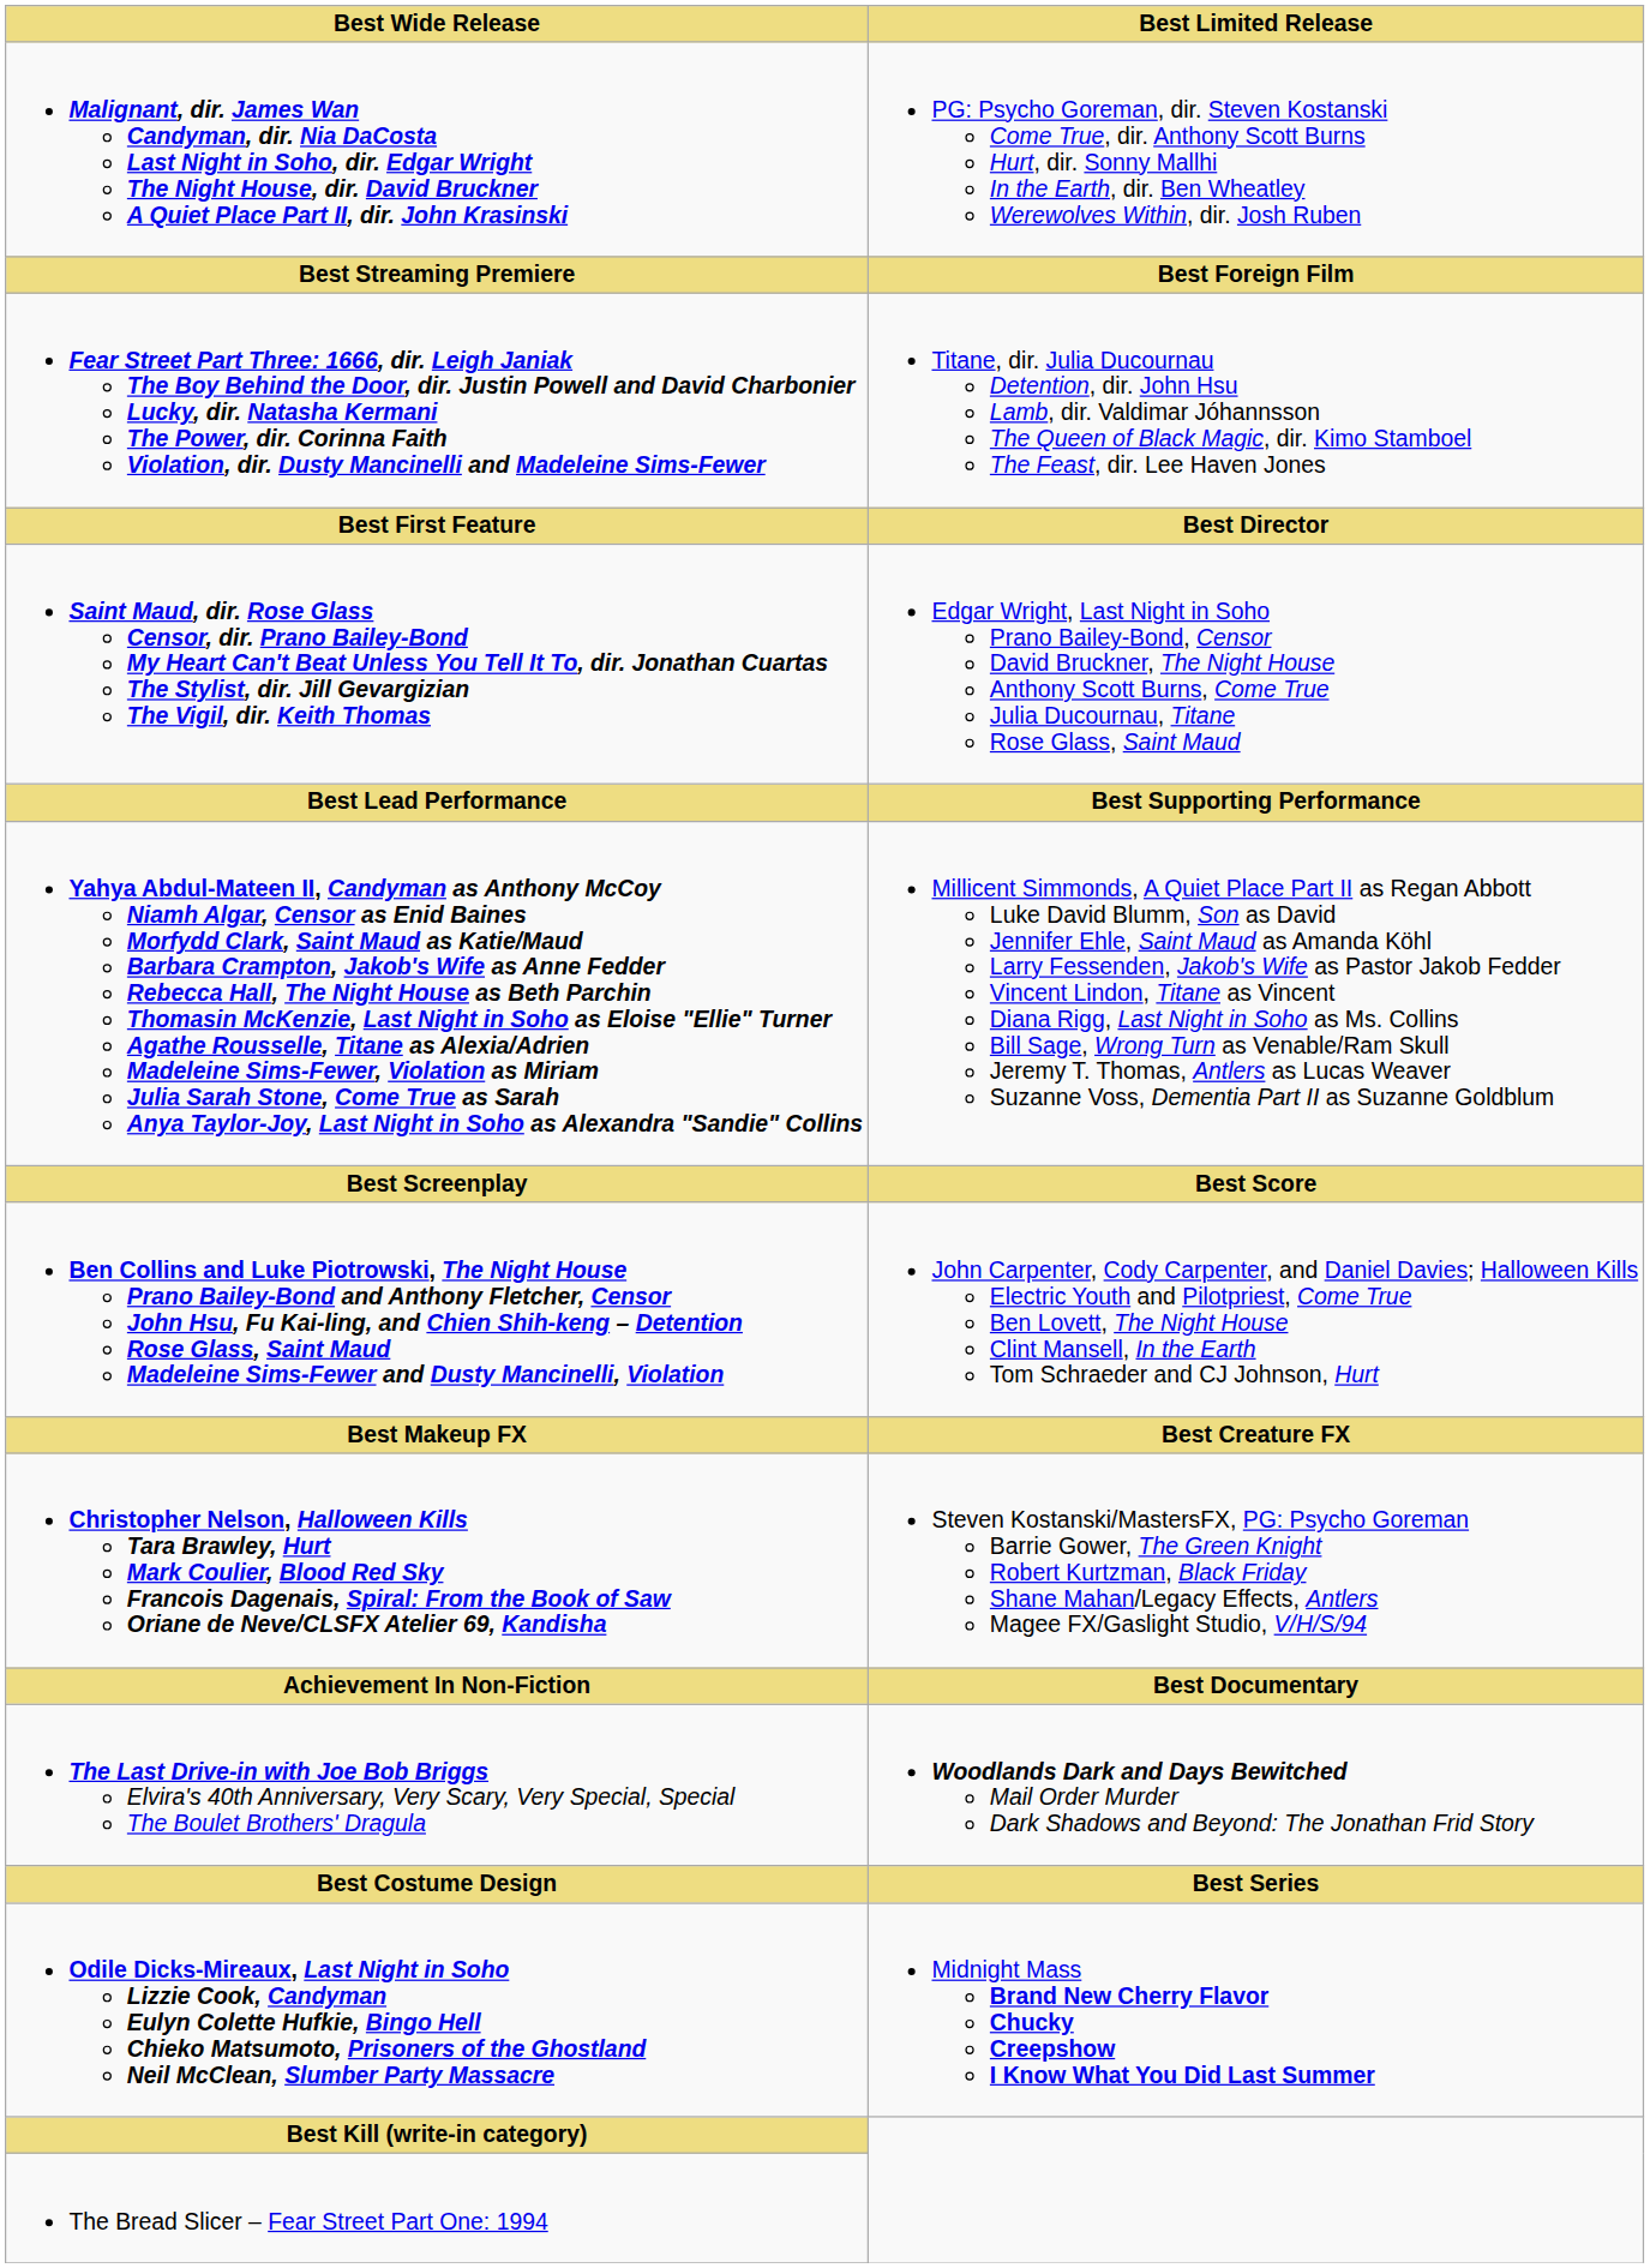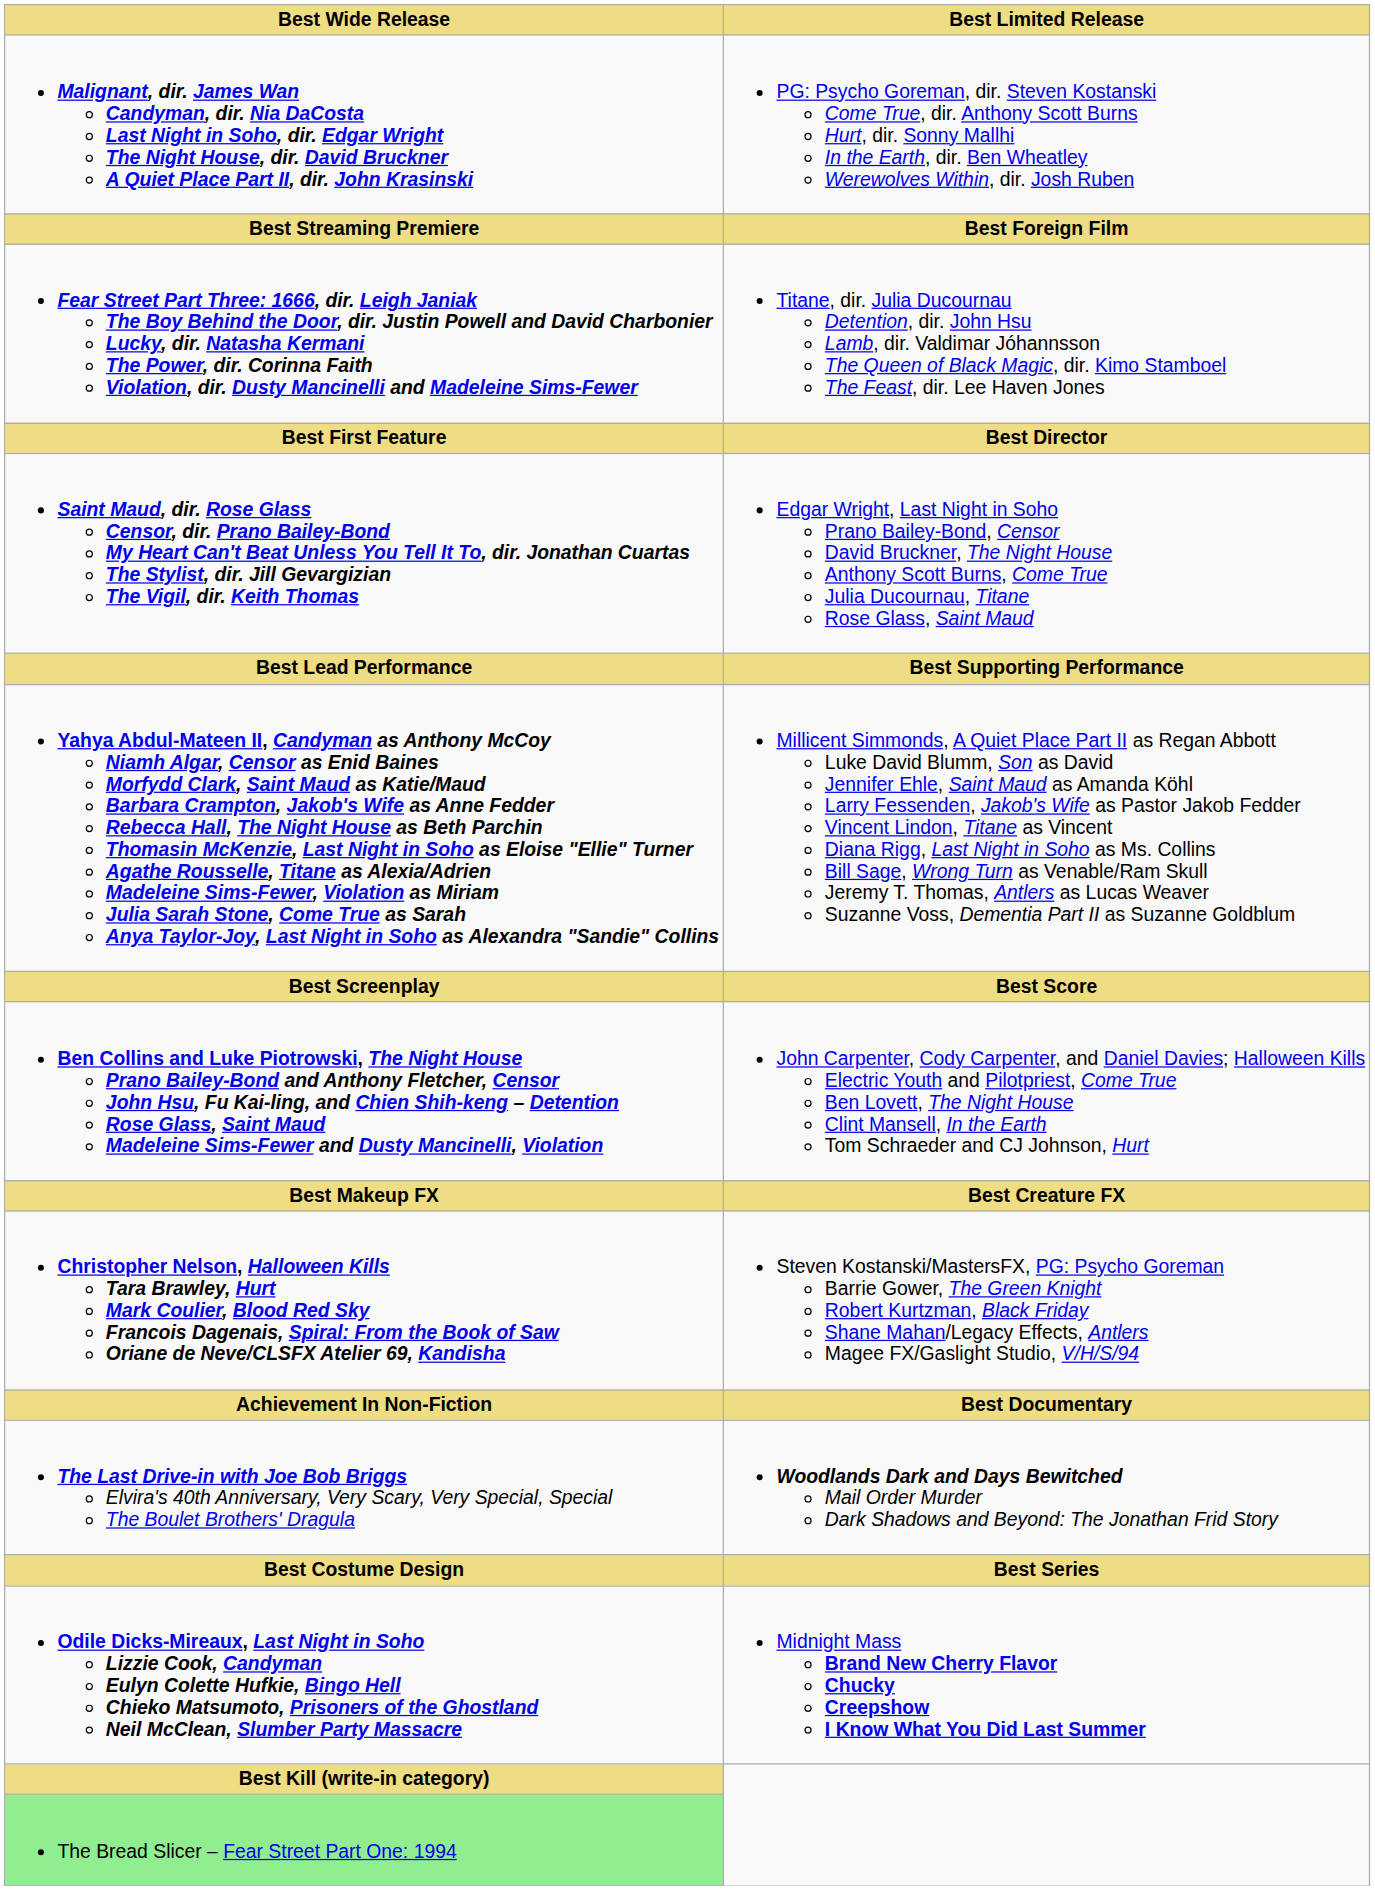 <table class=wikitable style="width="100%">
 <tr>
 <th style="background:#EEDD82">Best Wide Release</th>
 <th style="background:#EEDD82">Best Limited Release</th>
 </tr>
 <tr>
 <td valign="top"><br><ul><li><strong><em><a href='#'>Malignant</a><em>, dir. <a href='#'>James Wan</a><strong><ul><li></em><a href='#'>Candyman</a><em>, dir. <a href='#'>Nia DaCosta</a></li><li></em><a href='#'>Last Night in Soho</a><em>, dir. <a href='#'>Edgar Wright</a></li><li></em><a href='#'>The Night House</a><em>, dir. <a href='#'>David Bruckner</a></li><li></em><a href='#'>A Quiet Place Part II</a><em>, dir. <a href='#'>John Krasinski</a></li></ul></li></ul></td>
 <td valign="top"><br><ul><li></em></strong><a href='#'>PG: Psycho Goreman</a></em>, dir. <a href='#'>Steven Kostanski</a></strong><ul><li><em><a href='#'>Come True</a></em>, dir. <a href='#'>Anthony Scott Burns</a></li><li><em><a href='#'>Hurt</a></em>, dir. <a href='#'>Sonny Mallhi</a></li><li><em><a href='#'>In the Earth</a></em>, dir. <a href='#'>Ben Wheatley</a></li><li><em><a href='#'>Werewolves Within</a></em>, dir. <a href='#'>Josh Ruben</a></li></ul></li></ul></td>
 </tr>
 <tr>
 <th style="background:#EEDD82">Best Streaming Premiere</th>
 <th style="background:#EEDD82">Best Foreign Film</th>
 </tr>
 <tr>
 <td valign="top"><br><ul><li><strong><em><a href='#'>Fear Street Part Three: 1666</a><em>, dir. <a href='#'>Leigh Janiak</a><strong><ul><li></em><a href='#'>The Boy Behind the Door</a><em>, dir. Justin Powell and David Charbonier</li><li></em><a href='#'>Lucky</a><em>, dir. <a href='#'>Natasha Kermani</a></li><li></em><a href='#'>The Power</a><em>, dir. Corinna Faith</li><li></em><a href='#'>Violation</a><em>, dir. <a href='#'>Dusty Mancinelli</a> and <a href='#'>Madeleine Sims-Fewer</a></li></ul></li></ul></td>
 <td valign="top"><br><ul><li></em></strong><a href='#'>Titane</a></em>, dir. <a href='#'>Julia Ducournau</a></strong><ul><li><em><a href='#'>Detention</a></em>, dir. <a href='#'>John Hsu</a></li><li><em><a href='#'>Lamb</a></em>, dir. Valdimar Jóhannsson</li><li><em><a href='#'>The Queen of Black Magic</a></em>, dir. <a href='#'>Kimo Stamboel</a></li><li><em><a href='#'>The Feast</a></em>, dir.  Lee Haven Jones</li></ul></li></ul></td>
 </tr>
 <tr>
 <th style="background:#EEDD82">Best First Feature</th>
 <th style="background:#EEDD82">Best Director</th>
 </tr>
 <tr>
 <td valign="top"><br><ul><li><strong><em><a href='#'>Saint Maud</a><em>, dir. <a href='#'>Rose Glass</a><strong><ul><li></em><a href='#'>Censor</a><em>, dir. <a href='#'>Prano Bailey-Bond</a></li><li></em><a href='#'>My Heart Can't Beat Unless You Tell It To</a><em>, dir. Jonathan Cuartas</li><li></em><a href='#'>The Stylist</a><em>, dir. Jill Gevargizian</li><li></em><a href='#'>The Vigil</a><em>, dir. <a href='#'>Keith Thomas</a></li></ul></li></ul></td>
 <td valign="top"><br><ul><li></strong><a href='#'>Edgar Wright</a>, </em><a href='#'>Last Night in Soho</a></em></strong><ul><li><a href='#'>Prano Bailey-Bond</a>, <em><a href='#'>Censor</a></em></li><li><a href='#'>David Bruckner</a>, <em><a href='#'>The Night House</a></em></li><li><a href='#'>Anthony Scott Burns</a>, <em><a href='#'>Come True</a></em></li><li><a href='#'>Julia Ducournau</a>, <em><a href='#'>Titane</a></em></li><li><a href='#'>Rose Glass</a>, <em><a href='#'>Saint Maud</a></em></li></ul></li></ul></td>
 </tr>
 <tr>
 <th style="background:#EEDD82">Best Lead Performance</th>
 <th style="background:#EEDD82">Best Supporting Performance</th>
 </tr>
 <tr>
 <td valign="top"><br><ul><li><strong><a href='#'>Yahya Abdul-Mateen II</a>, <em><a href='#'>Candyman</a><strong><em> as Anthony McCoy<ul><li><a href='#'>Niamh Algar</a>, </em><a href='#'>Censor</a><em> as Enid Baines</li><li><a href='#'>Morfydd Clark</a>, </em><a href='#'>Saint Maud</a><em> as Katie/Maud</li><li><a href='#'>Barbara Crampton</a>, </em><a href='#'>Jakob's Wife</a><em> as Anne Fedder</li><li><a href='#'>Rebecca Hall</a>, </em><a href='#'>The Night House</a><em> as Beth Parchin</li><li><a href='#'>Thomasin McKenzie</a>, </em><a href='#'>Last Night in Soho</a><em> as Eloise "Ellie" Turner</li><li><a href='#'>Agathe Rousselle</a>, </em><a href='#'>Titane</a><em> as Alexia/Adrien</li><li><a href='#'>Madeleine Sims-Fewer</a>, </em><a href='#'>Violation</a><em> as Miriam</li><li><a href='#'>Julia Sarah Stone</a>, </em><a href='#'>Come True</a><em> as Sarah</li><li><a href='#'>Anya Taylor-Joy</a>, </em><a href='#'>Last Night in Soho</a><em> as Alexandra "Sandie" Collins</li></ul></li></ul></td>
 <td valign="top"><br><ul><li></strong><a href='#'>Millicent Simmonds</a>, </em><a href='#'>A Quiet Place Part II</a></em></strong> as Regan Abbott<ul><li>Luke David Blumm, <em><a href='#'>Son</a></em> as David</li><li><a href='#'>Jennifer Ehle</a>, <em><a href='#'>Saint Maud</a></em> as Amanda Köhl</li><li><a href='#'>Larry Fessenden</a>, <em><a href='#'>Jakob's Wife</a></em> as Pastor Jakob Fedder</li><li><a href='#'>Vincent Lindon</a>, <em><a href='#'>Titane</a></em> as Vincent</li><li><a href='#'>Diana Rigg</a>, <em><a href='#'>Last Night in Soho</a></em> as Ms. Collins</li><li><a href='#'>Bill Sage</a>, <em><a href='#'>Wrong Turn</a></em> as Venable/Ram Skull</li><li>Jeremy T. Thomas, <em><a href='#'>Antlers</a></em> as Lucas Weaver</li><li>Suzanne Voss, <em>Dementia Part II</em> as Suzanne Goldblum</li></ul></li></ul></td>
 </tr>
 <tr>
 <th style="background:#EEDD82">Best Screenplay</th>
 <th style="background:#EEDD82">Best Score</th>
 </tr>
 <tr>
 <td valign="top"><br><ul><li><strong><a href='#'>Ben Collins and Luke Piotrowski</a>, <em><a href='#'>The Night House</a><strong><em><ul><li><a href='#'>Prano Bailey-Bond</a> and Anthony Fletcher, </em><a href='#'>Censor</a><em></li><li><a href='#'>John Hsu</a>, Fu Kai-ling, and <a href='#'>Chien Shih-keng</a> – </em><a href='#'>Detention</a><em></li><li><a href='#'>Rose Glass</a>, </em><a href='#'>Saint Maud</a><em></li><li><a href='#'>Madeleine Sims-Fewer</a> and <a href='#'>Dusty Mancinelli</a>, </em><a href='#'>Violation</a><em></li></ul></li></ul></td>
 <td valign="top"><br><ul><li></strong><a href='#'>John Carpenter</a>, <a href='#'>Cody Carpenter</a>, and <a href='#'>Daniel Davies</a>; </em><a href='#'>Halloween Kills</a></em></strong><ul><li><a href='#'>Electric Youth</a> and <a href='#'>Pilotpriest</a>, <em><a href='#'>Come True</a></em></li><li><a href='#'>Ben Lovett</a>, <em><a href='#'>The Night House</a></em></li><li><a href='#'>Clint Mansell</a>, <em><a href='#'>In the Earth</a></em></li><li>Tom Schraeder and CJ Johnson, <em><a href='#'>Hurt</a></em></li></ul></li></ul></td>
 </tr>
 <tr>
 <th style="background:#EEDD82">Best Makeup FX</th>
 <th style="background:#EEDD82">Best Creature FX</th>
 </tr>
 <tr>
 <td valign="top"><br><ul><li><strong><a href='#'>Christopher Nelson</a>, <em><a href='#'>Halloween Kills</a><strong><em><ul><li>Tara Brawley, </em><a href='#'>Hurt</a><em></li><li><a href='#'>Mark Coulier</a>, </em><a href='#'>Blood Red Sky</a><em></li><li>Francois Dagenais, </em><a href='#'>Spiral: From the Book of Saw</a><em></li><li>Oriane de Neve/CLSFX Atelier 69, </em><a href='#'>Kandisha</a><em></li></ul></li></ul></td>
 <td valign="top"><br><ul><li></strong>Steven Kostanski/MastersFX, </em><a href='#'>PG: Psycho Goreman</a></em></strong><ul><li>Barrie Gower, <em><a href='#'>The Green Knight</a></em></li><li><a href='#'>Robert Kurtzman</a>, <em><a href='#'>Black Friday</a></em></li><li><a href='#'>Shane Mahan</a>/Legacy Effects, <em><a href='#'>Antlers</a></em></li><li>Magee FX/Gaslight Studio, <em><a href='#'>V/H/S/94</a></em></li></ul></li></ul></td>
 </tr>
 <tr>
 <th style="background:#EEDD82">Achievement In Non-Fiction</th>
 <th style="background:#EEDD82">Best Documentary</th>
 </tr>
 <tr>
 <td valign="top"><br><ul><li><strong><em><a href='#'>The Last Drive-in with Joe Bob Briggs</a></em></strong><ul><li><em>Elvira's 40th Anniversary, Very Scary, Very Special, Special</em></li><li><em><a href='#'>The Boulet Brothers' Dragula</a></em></li></ul></li></ul></td>
 <td valign="top"><br><ul><li><strong><em>Woodlands Dark and Days Bewitched</em></strong><ul><li><em>Mail Order Murder</em></li><li><em>Dark Shadows and Beyond: The Jonathan Frid Story</em></li></ul></li></ul></td>
 </tr>
 <tr>
 <th style="background:#EEDD82">Best Costume Design</th>
 <th style="background:#EEDD82">Best Series</th>
 </tr>
 <tr>
 <td valign="top"><br><ul><li><strong><a href='#'>Odile Dicks-Mireaux</a>, <em><a href='#'>Last Night in Soho</a><strong><em><ul><li>Lizzie Cook, </em><a href='#'>Candyman</a><em></li><li>Eulyn Colette Hufkie, </em><a href='#'>Bingo Hell</a><em></li><li>Chieko Matsumoto, </em><a href='#'>Prisoners of the Ghostland</a><em></li><li>Neil McClean, </em><a href='#'>Slumber Party Massacre</a><em></li></ul></li></ul></td>
 <td valign="top"><br><ul><li></em></strong><a href='#'>Midnight Mass</a><strong><em><ul><li></em><a href='#'>Brand New Cherry Flavor</a><em></li><li></em><a href='#'>Chucky</a><em></li><li></em><a href='#'>Creepshow</a><em></li><li></em><a href='#'>I Know What You Did Last Summer</a><em></li></ul></li></ul></td>
 </tr>
 <tr>
 <th style="background:#EEDD82">Best Kill (write-in category)</th>
 </tr>
 <tr>
-<td valign="top"><br><ul><li></strong>The Bread Slicer – </em><a href='#'>Fear Street Part One: 1994</a></em></strong></li></ul></td>
+<td valign="top" style="background: lightgreen;"><br><ul><li></strong>The Bread Slicer – </em><a href='#'>Fear Street Part One: 1994</a></em></strong></li></ul></td>
 </tr>
 <tr>
 </tr>
 </table>
